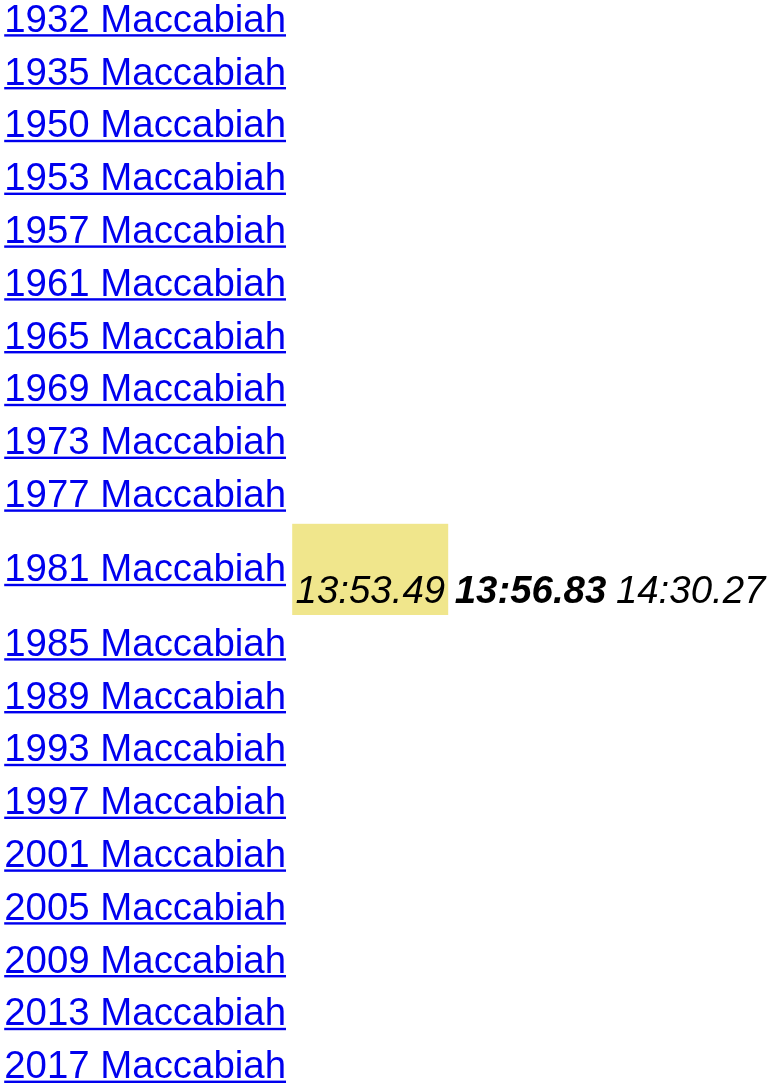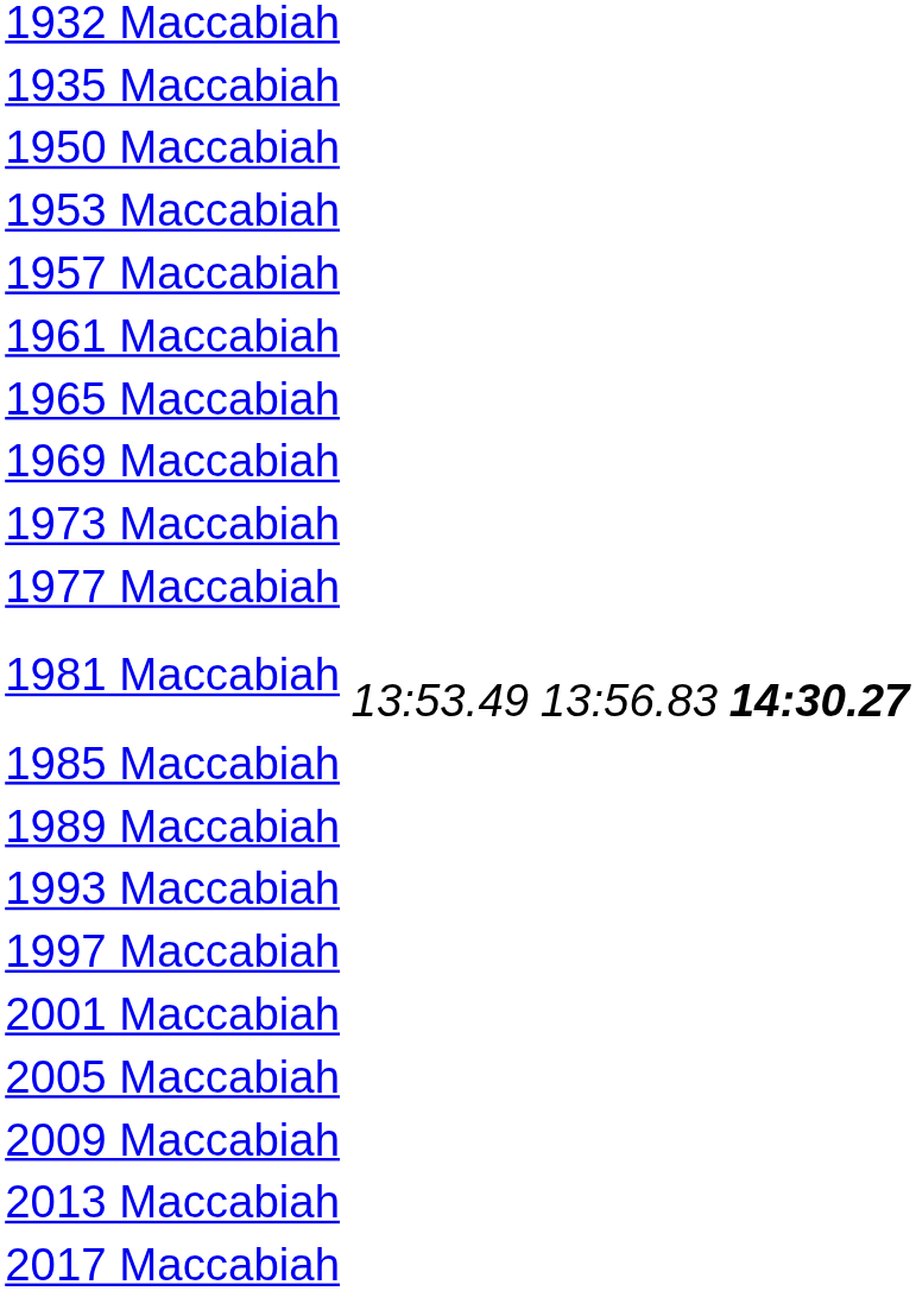 <table>
 <tr valign="top">
 <td><a href='#'>1932 Maccabiah</a></td>
 <td></td>
 <td></td>
 <td></td>
 </tr>
 <tr>
 <td><a href='#'>1935 Maccabiah</a></td>
 <td></td>
 <td></td>
 <td></td>
 </tr>
 <tr>
 <td><a href='#'>1950 Maccabiah</a></td>
 <td></td>
 <td></td>
 <td></td>
 </tr>
 <tr>
 <td><a href='#'>1953 Maccabiah</a></td>
 <td></td>
 <td></td>
 <td></td>
 </tr>
 <tr>
 <td><a href='#'>1957 Maccabiah</a></td>
 <td></td>
 <td></td>
 <td></td>
 </tr>
 <tr>
 <td><a href='#'>1961 Maccabiah</a></td>
 <td></td>
 <td></td>
 <td></td>
 </tr>
 <tr>
 <td><a href='#'>1965 Maccabiah</a></td>
 <td></td>
 <td></td>
 <td></td>
 </tr>
 <tr>
 <td><a href='#'>1969 Maccabiah</a></td>
 <td></td>
 <td></td>
 <td></td>
 </tr>
 <tr>
 <td><a href='#'>1973 Maccabiah</a></td>
 <td></td>
 <td></td>
 <td></td>
 </tr>
 <tr>
 <td><a href='#'>1977 Maccabiah</a></td>
 <td></td>
 <td></td>
 <td></td>
 </tr>
 <tr>
 <td><a href='#'>1981 Maccabiah</a></td>
-<td style="background: khaki;"><br><em>13:53.49 </em></td>
-<td><strong><br><em>13:56.83</em></strong></td>
-<td><br><em>14:30.27</em></td>
+<td><br><em>13:53.49 </em></td>
+<td><br><em>13:56.83</em></td>
+<td><strong><br><em>14:30.27</em></strong></td>
 </tr>
 <tr>
 <td><a href='#'>1985 Maccabiah</a></td>
 <td></td>
 <td></td>
 <td></td>
 </tr>
 <tr>
 <td><a href='#'>1989 Maccabiah</a></td>
 <td></td>
 <td></td>
 <td></td>
 </tr>
 <tr>
 <td><a href='#'>1993 Maccabiah</a></td>
 <td></td>
 <td></td>
 <td></td>
 </tr>
 <tr>
 <td><a href='#'>1997 Maccabiah</a></td>
 <td></td>
 <td></td>
 <td></td>
 </tr>
 <tr>
 <td><a href='#'>2001 Maccabiah</a></td>
 <td></td>
 <td></td>
 <td></td>
 </tr>
 <tr>
 <td><a href='#'>2005 Maccabiah</a></td>
 <td></td>
 <td></td>
 <td></td>
 </tr>
 <tr>
 <td><a href='#'>2009 Maccabiah</a></td>
 <td></td>
 <td></td>
 <td></td>
 </tr>
 <tr>
 <td><a href='#'>2013 Maccabiah</a></td>
 <td></td>
 <td></td>
 <td></td>
 </tr>
 <tr>
 <td><a href='#'>2017 Maccabiah</a></td>
 <td></td>
 <td></td>
 <td></td>
 </tr>
 </table>
